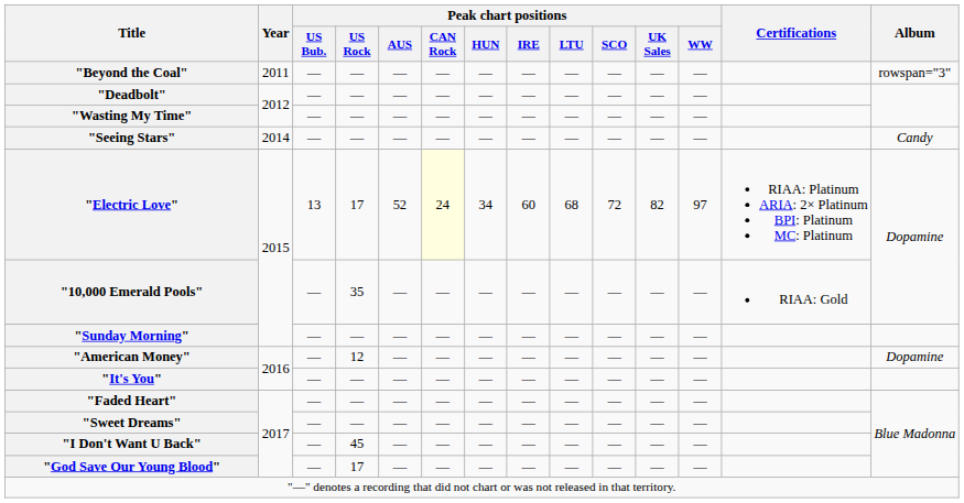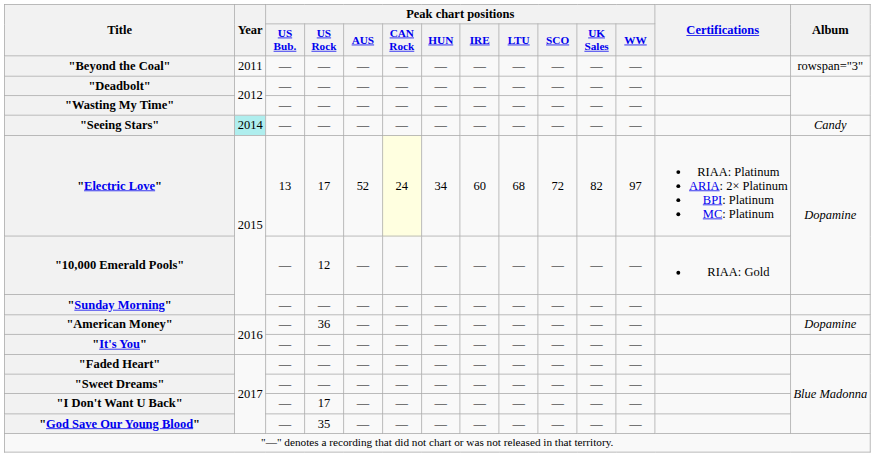 <table class="wikitable plainrowheaders" style="text-align:center;">
 <tr>
 <th scope="col" rowspan="2" style="width:18em;">Title</th>
 <th scope="col" rowspan="2">Year</th>
 <th scope="col" colspan="10">Peak chart positions</th>
 <th scope="col" rowspan="2"><a href='#'>Certifications</a></th>
 <th scope="col" rowspan="2">Album</th>
 </tr>
 <tr>
 <th scope="col" style="width:3em;font-size:90%;"><a href='#'>US<br>Bub.</a><br></th>
 <th scope="col" style="width:3em;font-size:90%;"><a href='#'>US<br>Rock</a><br></th>
 <th scope="col" style="width:3em;font-size:90%;"><a href='#'>AUS</a><br></th>
 <th scope="col" style="width:3em;font-size:90%;"><a href='#'>CAN<br>Rock</a><br></th>
 <th scope="col" style="width:3em;font-size:90%;"><a href='#'>HUN</a><br></th>
 <th scope="col" style="width:3em;font-size:90%;"><a href='#'>IRE</a><br></th>
 <th scope="col" style="width:3em;font-size:90%;"><a href='#'>LTU</a><br></th>
 <th scope="col" style="width:3em;font-size:90%;"><a href='#'>SCO</a><br></th>
 <th scope="col" style="width:3em;font-size:90%;"><a href='#'>UK<br>Sales</a><br></th>
 <th scope="col" style="width:3em;font-size:90%;"><a href='#'>WW</a><br></th>
 </tr>
 <tr>
 <th scope="row">"Beyond the Coal"</th>
 <td>2011</td>
 <td>—</td>
 <td>—</td>
 <td>—</td>
 <td>—</td>
 <td>—</td>
 <td>—</td>
 <td>—</td>
 <td>—</td>
 <td>—</td>
 <td>—</td>
 <td></td>
 <td>rowspan="3" </td>
 </tr>
 <tr>
 <th scope="row">"Deadbolt"</th>
 <td rowspan="2">2012</td>
 <td>—</td>
 <td>—</td>
 <td>—</td>
 <td>—</td>
 <td>—</td>
 <td>—</td>
 <td>—</td>
 <td>—</td>
 <td>—</td>
 <td>—</td>
 <td></td>
 </tr>
 <tr>
 <th scope="row">"Wasting My Time"</th>
 <td>—</td>
 <td>—</td>
 <td>—</td>
 <td>—</td>
 <td>—</td>
 <td>—</td>
 <td>—</td>
 <td>—</td>
 <td>—</td>
 <td>—</td>
 <td></td>
 </tr>
 <tr>
 <th scope="row">"Seeing Stars"</th>
-<td>2014</td>
+<td style="background: paleturquoise;">2014</td>
 <td>—</td>
 <td>—</td>
 <td>—</td>
 <td>—</td>
 <td>—</td>
 <td>—</td>
 <td>—</td>
 <td>—</td>
 <td>—</td>
 <td>—</td>
 <td></td>
 <td><em>Candy</em></td>
 </tr>
 <tr>
 <th scope="row">"<a href='#'>Electric Love</a>"</th>
 <td rowspan="3">2015</td>
 <td>13</td>
 <td>17</td>
 <td>52</td>
 <td style="background: lightyellow;">24</td>
 <td>34</td>
 <td>60</td>
 <td>68</td>
 <td>72</td>
 <td>82</td>
 <td>97</td>
 <td><br><ul><li>RIAA: Platinum</li><li><a href='#'>ARIA</a>: 2× Platinum</li><li><a href='#'>BPI</a>: Platinum</li><li><a href='#'>MC</a>: Platinum</li></ul></td>
 <td rowspan="2"><em>Dopamine</em></td>
 </tr>
 <tr>
 <th scope="row">"10,000 Emerald Pools"</th>
 <td>—</td>
-<td>35</td>
+<td>12</td>
 <td>—</td>
 <td>—</td>
 <td>—</td>
 <td>—</td>
 <td>—</td>
 <td>—</td>
 <td>—</td>
 <td>—</td>
 <td><br><ul><li>RIAA: Gold</li></ul></td>
 </tr>
 <tr>
 <th scope="row">"<a href='#'>Sunday Morning</a>"<br></th>
 <td>—</td>
 <td>—</td>
 <td>—</td>
 <td>—</td>
 <td>—</td>
 <td>—</td>
 <td>—</td>
 <td>—</td>
 <td>—</td>
 <td>—</td>
 <td></td>
 <td></td>
 </tr>
 <tr>
 <th scope="row">"American Money"</th>
 <td rowspan="2">2016</td>
 <td>—</td>
-<td>12</td>
+<td>36</td>
 <td>—</td>
 <td>—</td>
 <td>—</td>
 <td>—</td>
 <td>—</td>
 <td>—</td>
 <td>—</td>
 <td>—</td>
 <td></td>
 <td><em>Dopamine</em></td>
 </tr>
 <tr>
 <th scope="row">"<a href='#'>It's You</a>"</th>
 <td>—</td>
 <td>—</td>
 <td>—</td>
 <td>—</td>
 <td>—</td>
 <td>—</td>
 <td>—</td>
 <td>—</td>
 <td>—</td>
 <td>—</td>
 <td></td>
 <td></td>
 </tr>
 <tr>
 <th scope="row">"Faded Heart"</th>
 <td rowspan="4">2017</td>
 <td>—</td>
 <td>—</td>
 <td>—</td>
 <td>—</td>
 <td>—</td>
 <td>—</td>
 <td>—</td>
 <td>—</td>
 <td>—</td>
 <td>—</td>
 <td></td>
 <td rowspan="4"><em>Blue Madonna</em></td>
 </tr>
 <tr>
 <th scope="row">"Sweet Dreams"</th>
 <td>—</td>
 <td>—</td>
 <td>—</td>
 <td>—</td>
 <td>—</td>
 <td>—</td>
 <td>—</td>
 <td>—</td>
 <td>—</td>
 <td>—</td>
 <td></td>
 </tr>
 <tr>
 <th scope="row">"I Don't Want U Back"</th>
 <td>—</td>
-<td>45</td>
+<td>17</td>
 <td>—</td>
 <td>—</td>
 <td>—</td>
 <td>—</td>
 <td>—</td>
 <td>—</td>
 <td>—</td>
 <td>—</td>
 <td></td>
 </tr>
 <tr>
 <th scope="row">"<a href='#'>God Save Our Young Blood</a>"<br></th>
 <td>—</td>
-<td>17</td>
+<td>35</td>
 <td>—</td>
 <td>—</td>
 <td>—</td>
 <td>—</td>
 <td>—</td>
 <td>—</td>
 <td>—</td>
 <td>—</td>
 <td></td>
 </tr>
 <tr>
 <td colspan="14" style="font-size:90%">"—" denotes a recording that did not chart or was not released in that territory.</td>
 </tr>
 </table>
